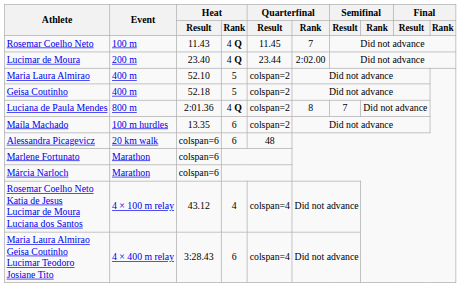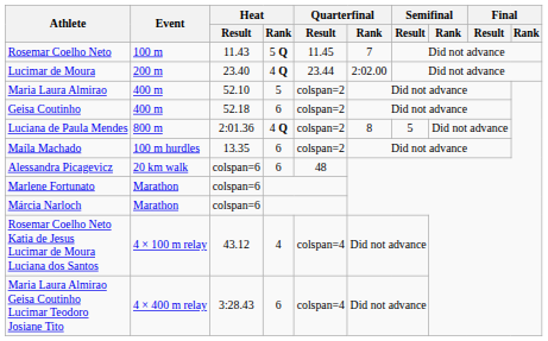 <table class=wikitable style="font-size:90%">
 <tr>
 <th rowspan="2">Athlete</th>
 <th rowspan="2">Event</th>
 <th colspan="2">Heat</th>
 <th colspan="2">Quarterfinal</th>
 <th colspan="2">Semifinal</th>
 <th colspan="2">Final</th>
 </tr>
 <tr style="font-size:95%">
 <th>Result</th>
 <th>Rank</th>
 <th>Result</th>
 <th>Rank</th>
 <th>Result</th>
 <th>Rank</th>
 <th>Result</th>
 <th>Rank</th>
 </tr>
 <tr align=center>
 <td align=left><a href='#'>Rosemar Coelho Neto</a></td>
 <td align=left><a href='#'>100 m</a></td>
 <td>11.43</td>
-<td>4 <strong>Q</strong></td>
+<td>5 <strong>Q</strong></td>
 <td>11.45</td>
 <td>7</td>
 <td colspan=4>Did not advance</td>
 </tr>
 <tr align=center>
 <td align=left><a href='#'>Lucimar de Moura</a></td>
 <td align=left><a href='#'>200 m</a></td>
 <td>23.40</td>
 <td>4 <strong>Q</strong></td>
 <td>23.44</td>
 <td>2:02.00</td>
 <td colspan=4>Did not advance</td>
 </tr>
 <tr align=center>
 <td align=left><a href='#'>Maria Laura Almirao</a></td>
 <td align=left><a href='#'>400 m</a></td>
 <td>52.10</td>
 <td>5</td>
 <td>colspan=2 </td>
 <td colspan=4>Did not advance</td>
 </tr>
 <tr align=center>
 <td align=left><a href='#'>Geisa Coutinho</a></td>
 <td align=left><a href='#'>400 m</a></td>
 <td>52.18</td>
-<td>5</td>
+<td>6</td>
 <td>colspan=2 </td>
 <td colspan=4>Did not advance</td>
 </tr>
 <tr align=center>
 <td align=left><a href='#'>Luciana de Paula Mendes</a></td>
 <td align=left><a href='#'>800 m</a></td>
 <td>2:01.36</td>
 <td>4 <strong>Q</strong></td>
 <td>colspan=2 </td>
 <td>8</td>
-<td>7</td>
+<td>5</td>
 <td colspan=2>Did not advance</td>
 </tr>
 <tr align=center>
 <td align=left><a href='#'>Maíla Machado</a></td>
 <td align=left><a href='#'>100 m hurdles</a></td>
 <td>13.35</td>
 <td>6</td>
 <td>colspan=2 </td>
 <td colspan=4>Did not advance</td>
 </tr>
 <tr align=center>
 <td align=left><a href='#'>Alessandra Picagevicz</a></td>
 <td align=left><a href='#'>20 km walk</a></td>
 <td>colspan=6 </td>
 <td>6</td>
 <td>48</td>
 </tr>
 <tr align=center>
 <td align=left><a href='#'>Marlene Fortunato</a></td>
 <td align=left><a href='#'>Marathon</a></td>
 <td>colspan=6 </td>
 <td colspan=2></td>
 </tr>
 <tr align=center>
 <td align=left><a href='#'>Márcia Narloch</a></td>
 <td align=left><a href='#'>Marathon</a></td>
 <td>colspan=6 </td>
 <td colspan=2></td>
 </tr>
 <tr align=center>
 <td align=left><a href='#'>Rosemar Coelho Neto</a><br><a href='#'>Katia de Jesus</a><br><a href='#'>Lucimar de Moura</a><br><a href='#'>Luciana dos Santos</a></td>
 <td align=left><a href='#'>4 × 100 m relay</a></td>
 <td>43.12</td>
 <td>4</td>
 <td>colspan=4 </td>
 <td colspan=2>Did not advance</td>
 </tr>
 <tr align=center>
 <td align=left><a href='#'>Maria Laura Almirao</a><br><a href='#'>Geisa Coutinho</a><br><a href='#'>Lucimar Teodoro</a><br><a href='#'>Josiane Tito</a></td>
 <td align=left><a href='#'>4 × 400 m relay</a></td>
 <td>3:28.43</td>
 <td>6</td>
 <td>colspan=4 </td>
 <td colspan=2>Did not advance</td>
 </tr>
 </table>
